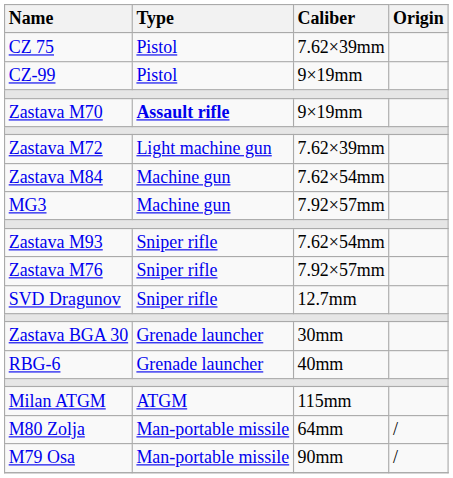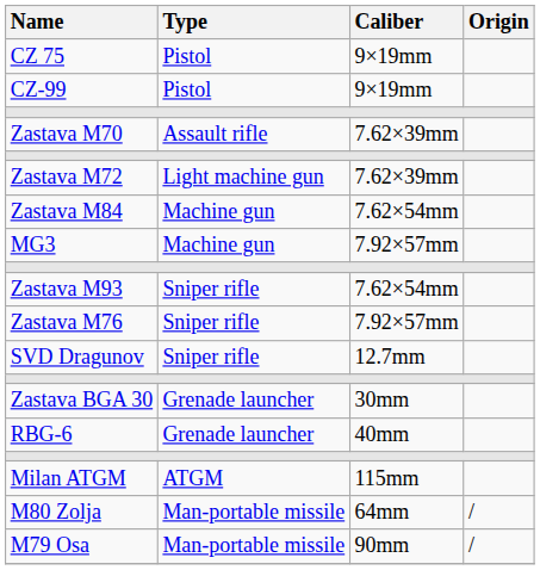 <table class="wikitable">
 <tr>
 <th style="text-align: left;">Name</th>
 <th style="text-align: left;">Type</th>
 <th style="text-align: left;">Caliber</th>
 <th style="text-align: left;">Origin</th>
 </tr>
 <tr>
 <td><a href='#'>CZ 75</a></td>
 <td><a href='#'>Pistol</a></td>
-<td>7.62×39mm</td>
+<td>9×19mm</td>
 <td></td>
 </tr>
 <tr>
 <td><a href='#'>CZ-99</a></td>
 <td><a href='#'>Pistol</a></td>
 <td>9×19mm</td>
 <td></td>
 </tr>
 <tr>
 <th style="align: center; background: #E6E6E6;" colspan="7"></th>
 </tr>
 <tr>
 <td><a href='#'>Zastava M70</a></td>
-<td><strong><a href='#'>Assault rifle</a></strong></td>
-<td>9×19mm</td>
+<td><a href='#'>Assault rifle</a></td>
+<td>7.62×39mm</td>
 <td></td>
 </tr>
 <tr>
 <th style="align: center; background: #E6E6E6;" colspan="7"></th>
 </tr>
 <tr>
 <td><a href='#'>Zastava M72</a></td>
 <td><a href='#'>Light machine gun</a></td>
 <td>7.62×39mm</td>
 <td></td>
 </tr>
 <tr>
 <td><a href='#'>Zastava M84</a></td>
 <td><a href='#'>Machine gun</a></td>
 <td>7.62×54mm</td>
 <td></td>
 </tr>
 <tr>
 <td><a href='#'>MG3</a></td>
 <td><a href='#'>Machine gun</a></td>
 <td>7.92×57mm</td>
 <td></td>
 </tr>
 <tr>
 <th style="align: center; background: #E6E6E6;" colspan="7"></th>
 </tr>
 <tr>
 <td><a href='#'>Zastava M93</a></td>
 <td><a href='#'>Sniper rifle</a></td>
 <td>7.62×54mm</td>
 <td></td>
 </tr>
 <tr>
 <td><a href='#'>Zastava M76</a></td>
 <td><a href='#'>Sniper rifle</a></td>
 <td>7.92×57mm</td>
 <td></td>
 </tr>
 <tr>
 <td><a href='#'>SVD Dragunov</a></td>
 <td><a href='#'>Sniper rifle</a></td>
 <td>12.7mm</td>
 <td></td>
 </tr>
 <tr>
 <th style="align: center; background: #E6E6E6;" colspan="7"></th>
 </tr>
 <tr>
 <td><a href='#'>Zastava BGA 30</a></td>
 <td><a href='#'>Grenade launcher</a></td>
 <td>30mm</td>
 <td></td>
 </tr>
 <tr>
 <td><a href='#'>RBG-6</a></td>
 <td><a href='#'>Grenade launcher</a></td>
 <td>40mm</td>
 <td></td>
 </tr>
 <tr>
 <th style="align: center; background: #E6E6E6;" colspan="7"></th>
 </tr>
 <tr>
 <td><a href='#'>Milan ATGM</a></td>
 <td><a href='#'>ATGM</a></td>
 <td>115mm</td>
 <td></td>
 </tr>
 <tr>
 <td><a href='#'>M80 Zolja</a></td>
 <td><a href='#'>Man-portable missile</a></td>
 <td>64mm</td>
 <td> / </td>
 </tr>
 <tr>
 <td><a href='#'>M79 Osa</a></td>
 <td><a href='#'>Man-portable missile</a></td>
 <td>90mm</td>
 <td> / </td>
 </tr>
 <tr>
 </tr>
 </table>
